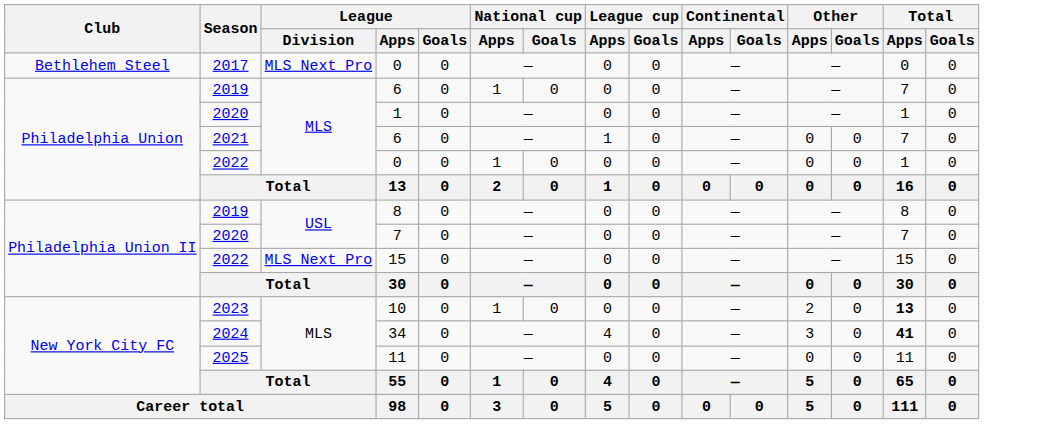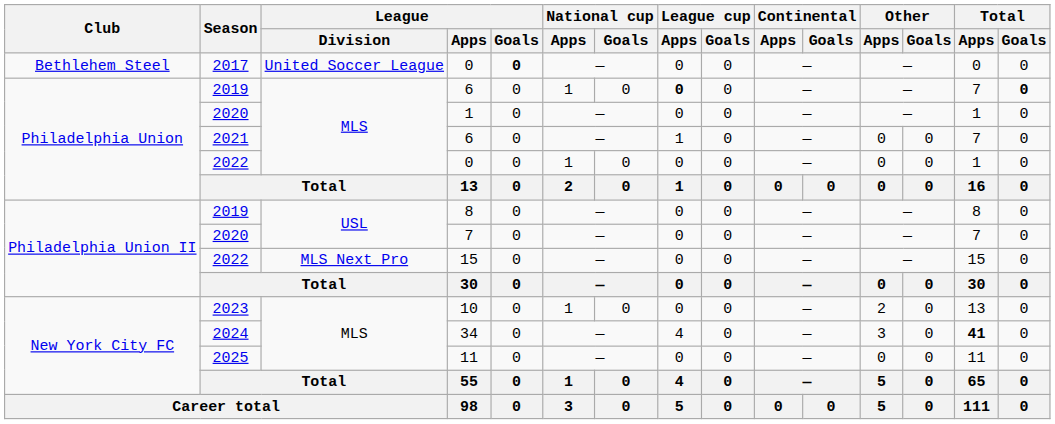 <table class=wikitable style=text-align:center>
 <tr>
 <th rowspan=2>Club</th>
 <th rowspan=2>Season</th>
 <th colspan=3>League</th>
 <th colspan=2>National cup</th>
 <th colspan=2>League cup</th>
 <th colspan=2>Continental</th>
 <th colspan=2>Other</th>
 <th colspan=2>Total</th>
 </tr>
 <tr>
 <th>Division</th>
 <th>Apps</th>
 <th>Goals</th>
 <th>Apps</th>
 <th>Goals</th>
 <th>Apps</th>
 <th>Goals</th>
 <th>Apps</th>
 <th>Goals</th>
 <th>Apps</th>
 <th>Goals</th>
 <th>Apps</th>
 <th>Goals</th>
 </tr>
 <tr>
 <td><a href='#'>Bethlehem Steel</a></td>
 <td><a href='#'>2017</a></td>
-<td><a href='#'>MLS Next Pro</a></td>
+<td><a href='#'>United Soccer League</a></td>
 <td>0</td>
-<td>0</td>
+<td><strong>0</strong></td>
 <td colspan=2>—</td>
 <td>0</td>
 <td>0</td>
 <td colspan=2>—</td>
 <td colspan=2>—</td>
 <td>0</td>
 <td>0</td>
 </tr>
 <tr>
 <td rowspan=5><a href='#'>Philadelphia Union</a></td>
 <td><a href='#'>2019</a></td>
 <td rowspan=4><a href='#'>MLS</a></td>
 <td>6</td>
 <td>0</td>
 <td>1</td>
 <td>0</td>
-<td>0</td>
+<td><strong>0</strong></td>
 <td>0</td>
 <td colspan=2>—</td>
 <td colspan=2>—</td>
 <td>7</td>
-<td>0</td>
+<td><strong>0</strong></td>
 </tr>
 <tr>
 <td><a href='#'>2020</a></td>
 <td>1</td>
 <td>0</td>
 <td colspan=2>—</td>
 <td>0</td>
 <td>0</td>
 <td colspan=2>—</td>
 <td colspan=2>—</td>
 <td>1</td>
 <td>0</td>
 </tr>
 <tr>
 <td><a href='#'>2021</a></td>
 <td>6</td>
 <td>0</td>
 <td colspan=2>—</td>
 <td>1</td>
 <td>0</td>
 <td colspan=2>—</td>
 <td>0</td>
 <td>0</td>
 <td>7</td>
 <td>0</td>
 </tr>
 <tr>
 <td><a href='#'>2022</a></td>
 <td>0</td>
 <td>0</td>
 <td>1</td>
 <td>0</td>
 <td>0</td>
 <td>0</td>
 <td colspan=2>—</td>
 <td>0</td>
 <td>0</td>
 <td>1</td>
 <td>0</td>
 </tr>
 <tr>
 <th colspan=2>Total</th>
 <th>13</th>
 <th>0</th>
 <th>2</th>
 <th>0</th>
 <th>1</th>
 <th>0</th>
 <th>0</th>
 <th>0</th>
 <th>0</th>
 <th>0</th>
 <th>16</th>
 <th>0</th>
 </tr>
 <tr>
 <td rowspan=4><a href='#'>Philadelphia Union II</a></td>
 <td><a href='#'>2019</a></td>
 <td rowspan=2><a href='#'>USL</a></td>
 <td>8</td>
 <td>0</td>
 <td colspan=2>—</td>
 <td>0</td>
 <td>0</td>
 <td colspan=2>—</td>
 <td colspan=2>—</td>
 <td>8</td>
 <td>0</td>
 </tr>
 <tr>
 <td><a href='#'>2020</a></td>
 <td>7</td>
 <td>0</td>
 <td colspan=2>—</td>
 <td>0</td>
 <td>0</td>
 <td colspan=2>—</td>
 <td colspan=2>—</td>
 <td>7</td>
 <td>0</td>
 </tr>
 <tr>
 <td><a href='#'>2022</a></td>
 <td><a href='#'>MLS Next Pro</a></td>
 <td>15</td>
 <td>0</td>
 <td colspan=2>—</td>
 <td>0</td>
 <td>0</td>
 <td colspan=2>—</td>
 <td colspan=2>—</td>
 <td>15</td>
 <td>0</td>
 </tr>
 <tr>
 <th colspan=2>Total</th>
 <th>30</th>
 <th>0</th>
 <th colspan=2>—</th>
 <th>0</th>
 <th>0</th>
 <th colspan=2>—</th>
 <th>0</th>
 <th>0</th>
 <th>30</th>
 <th>0</th>
 </tr>
 <tr>
 <td rowspan=4><a href='#'>New York City FC</a></td>
 <td><a href='#'>2023</a></td>
 <td rowspan=3>MLS</td>
 <td>10</td>
 <td>0</td>
 <td>1</td>
 <td>0</td>
 <td>0</td>
 <td>0</td>
 <td colspan=2>—</td>
 <td>2</td>
 <td>0</td>
-<td><strong>13</strong></td>
+<td>13</td>
 <td>0</td>
 </tr>
 <tr>
 <td><a href='#'>2024</a></td>
 <td>34</td>
 <td>0</td>
 <td colspan=2>—</td>
 <td>4</td>
 <td>0</td>
 <td colspan=2>—</td>
 <td>3</td>
 <td>0</td>
 <td><strong>41</strong></td>
 <td>0</td>
 </tr>
 <tr>
 <td><a href='#'>2025</a></td>
 <td>11</td>
 <td>0</td>
 <td colspan=2>—</td>
 <td>0</td>
 <td>0</td>
 <td colspan=2>—</td>
 <td>0</td>
 <td>0</td>
 <td>11</td>
 <td>0</td>
 </tr>
 <tr>
 <th colspan=2>Total</th>
 <th>55</th>
 <th>0</th>
 <th>1</th>
 <th>0</th>
 <th>4</th>
 <th>0</th>
 <th colspan=2>—</th>
 <th>5</th>
 <th>0</th>
 <th>65</th>
 <th>0</th>
 </tr>
 <tr>
 <th colspan=3>Career total</th>
 <th>98</th>
 <th>0</th>
 <th>3</th>
 <th>0</th>
 <th>5</th>
 <th>0</th>
 <th>0</th>
 <th>0</th>
 <th>5</th>
 <th>0</th>
 <th>111</th>
 <th>0</th>
 </tr>
 </table>
